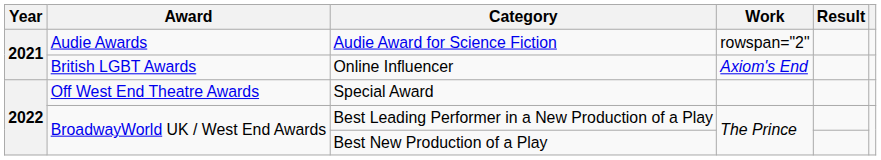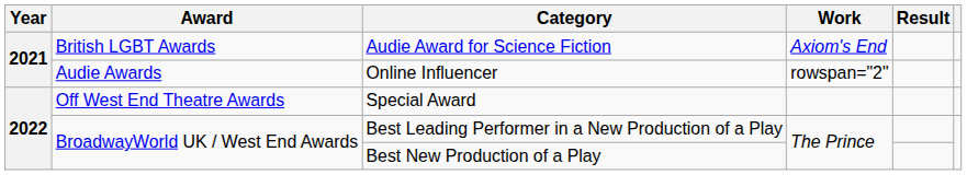 <table class="wikitable sortable">
 <tr style="text-align:center;">
 <th scope="col">Year</th>
 <th scope="col">Award</th>
 <th scope="col">Category</th>
 <th scope="col">Work</th>
 <th scope="col">Result</th>
 <th scope="col" class="unsortable"></th>
 </tr>
 <tr>
 <th scope="row" style="text-align: center;" rowspan="2">2021</th>
-<td><a href='#'>Audie Awards</a></td>
+<td><a href='#'>British LGBT Awards</a></td>
 <td><a href='#'>Audie Award for Science Fiction</a></td>
-<td>rowspan="2" </td>
+<td><em><a href='#'>Axiom's End</a></em></td>
 <td></td>
 <td align="center"></td>
 </tr>
 <tr>
-<td><a href='#'>British LGBT Awards</a></td>
+<td><a href='#'>Audie Awards</a></td>
 <td>Online Influencer</td>
-<td><em><a href='#'>Axiom's End</a></em></td>
+<td>rowspan="2" </td>
 <td></td>
 <td align="center"></td>
 </tr>
 <tr>
 <th scope="row" style="text-align: center;" rowspan="3">2022</th>
 <td><a href='#'>Off West End Theatre Awards</a></td>
 <td>Special Award</td>
 <td></td>
 <td align="center"></td>
 </tr>
 <tr>
 <td rowspan="2"><a href='#'>BroadwayWorld</a> UK / West End Awards</td>
 <td>Best Leading Performer in a New Production of a Play</td>
 <td rowspan="2"><em>The Prince</em></td>
 <td></td>
 <td align="center" rowspan="2"></td>
 </tr>
 <tr>
 <td>Best New Production of a Play</td>
 <td></td>
 </tr>
 </table>
